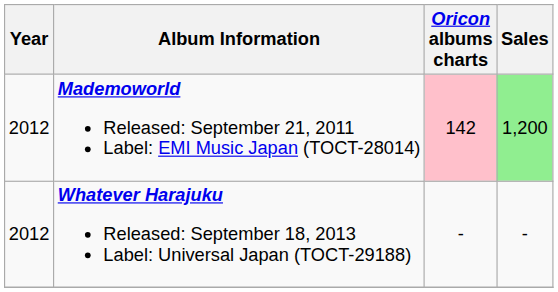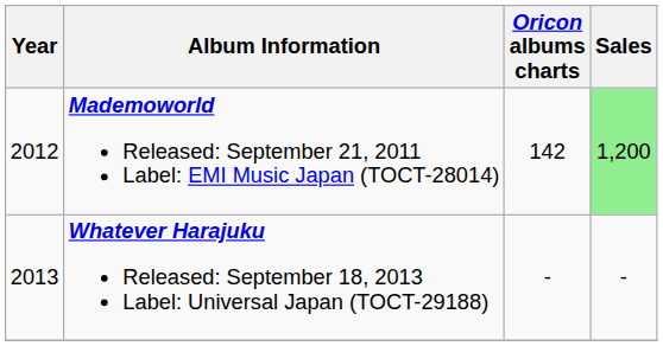 <table class="wikitable">
 <tr>
 <th rowspan="1">Year</th>
 <th rowspan="1">Album Information</th>
 <th colspan="1"><em><a href='#'>Oricon</a></em><br>albums<br>charts<br></th>
 <th colspan="1">Sales<br></th>
 </tr>
 <tr>
 <td align="center">2012</td>
 <td><strong><em><a href='#'>Mademoworld</a></em></strong><br><ul><li>Released: September 21, 2011</li><li>Label: <a href='#'>EMI Music Japan</a> (TOCT-28014)</li></ul></td>
-<td align="center" style="background: pink;">142</td>
+<td align="center">142</td>
 <td align="center" style="background: lightgreen;">1,200</td>
 </tr>
 <tr>
-<td align="center">2012</td>
+<td align="center">2013</td>
 <td><strong><em><a href='#'>Whatever Harajuku</a></em></strong><br><ul><li>Released: September 18, 2013</li><li>Label: Universal Japan (TOCT-29188)</li></ul></td>
 <td align="center">-</td>
 <td align="center">-</td>
 </tr>
 <tr>
 </tr>
 </table>
